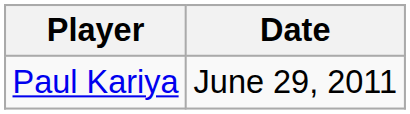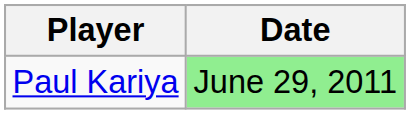 <table class="wikitable">
 <tr>
 <th>Player</th>
 <th>Date</th>
 </tr>
 <tr>
 <td><a href='#'>Paul Kariya</a></td>
-<td>June 29, 2011 </td>
+<td style="background: lightgreen;">June 29, 2011 </td>
 </tr>
 </table>
